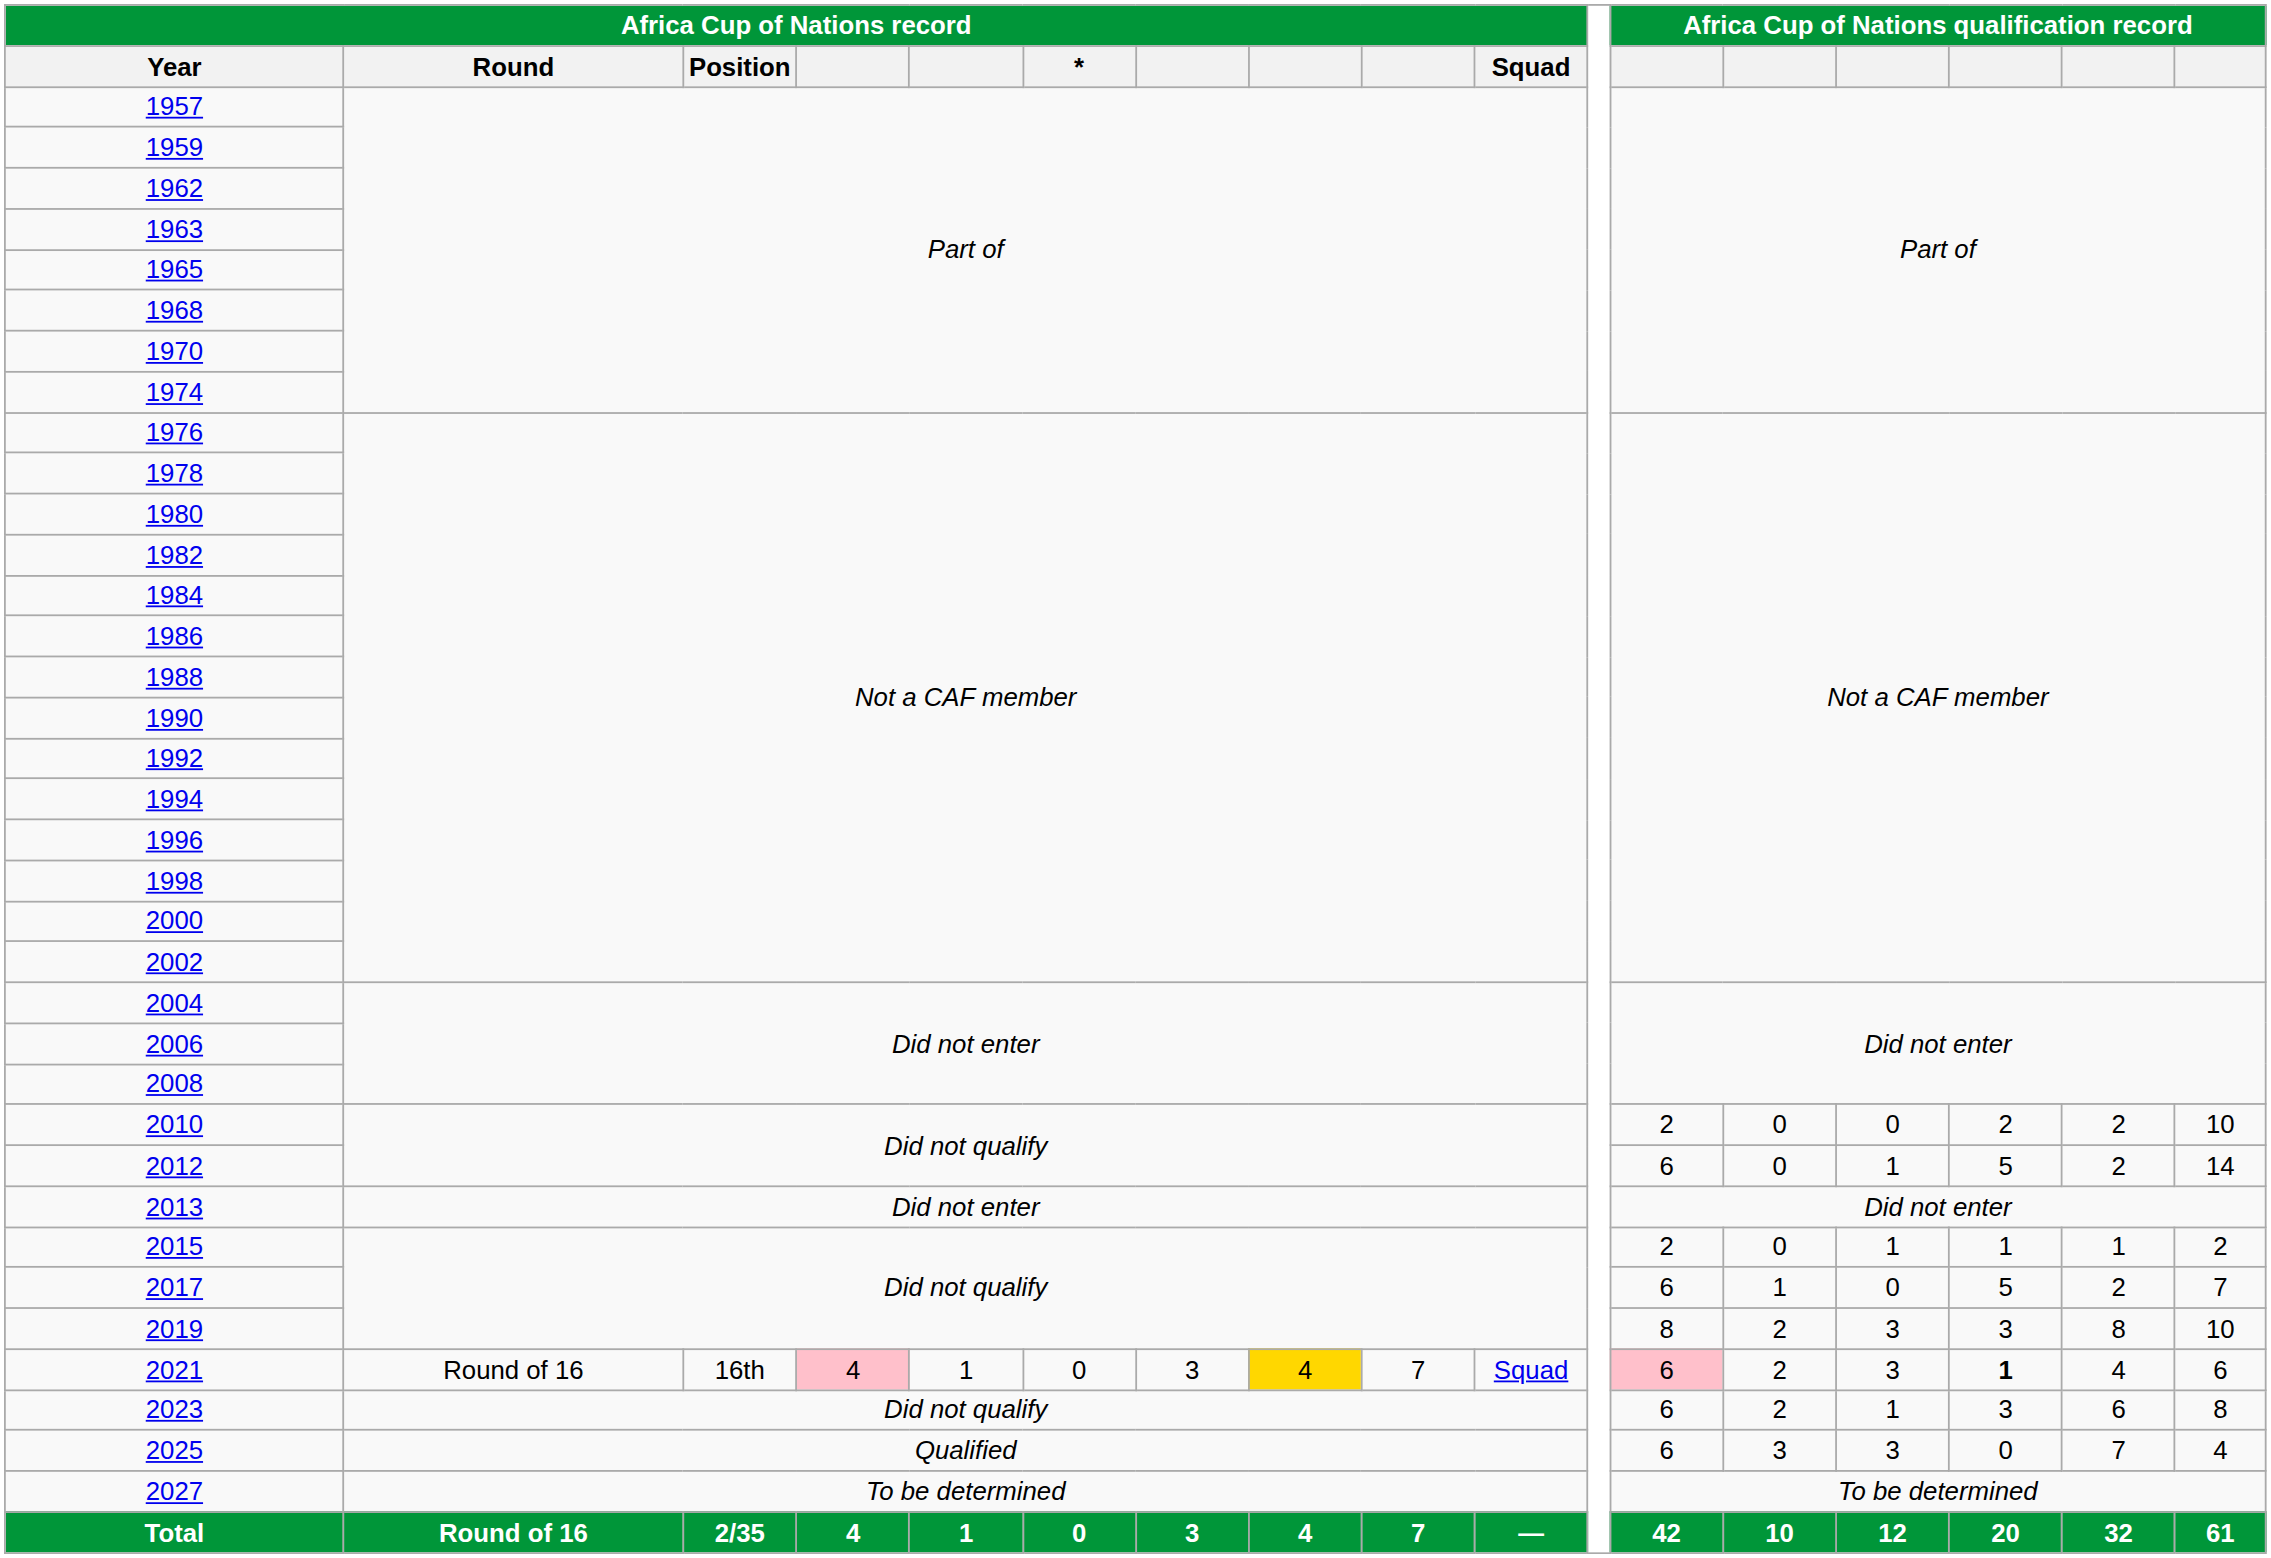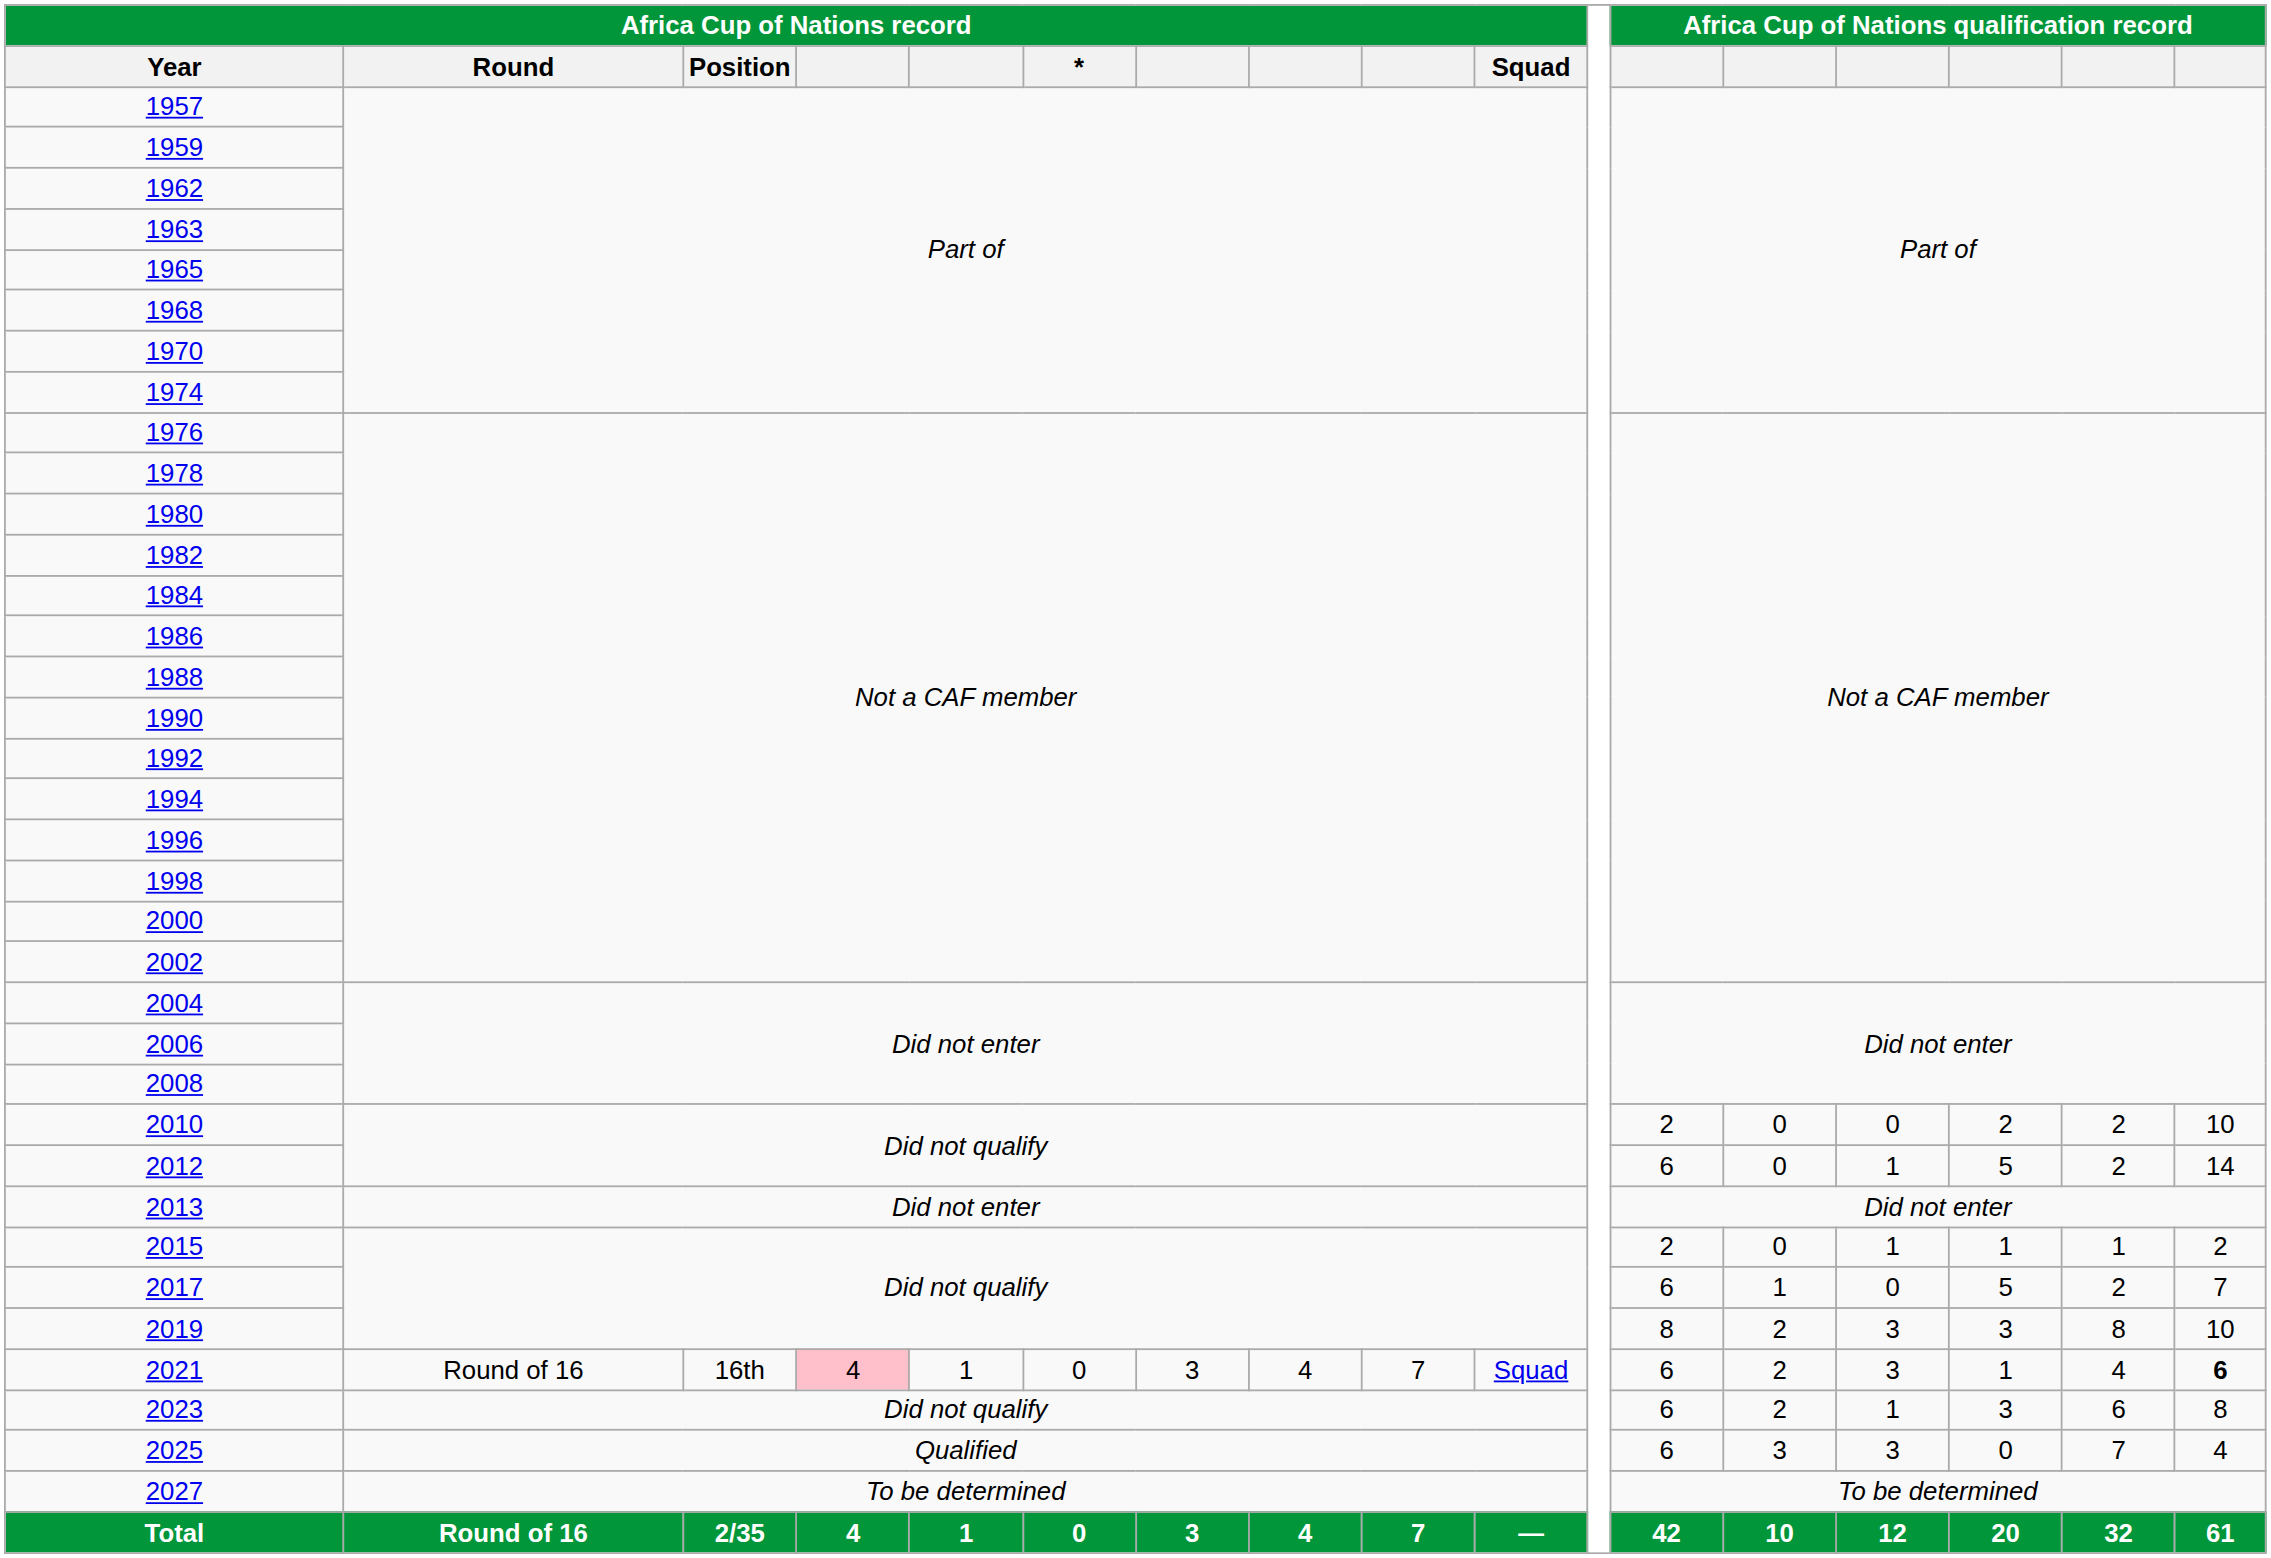 <table class="wikitable" class="wikitable" style="font-size:90%; text-align:center; width:100%">
 <tr>
 <th ! colspan="10" style="background:#009639; color:white; ">Africa Cup of Nations record</th>
 <th style="width:1%;background:white" rowspan="38"></th>
 <th colspan="7" style="background:#009639; color:white; ">Africa Cup of Nations qualification record</th>
 </tr>
 <tr>
 <th width="15%">Year</th>
 <th width="15%">Round</th>
 <th width="5%">Position</th>
 <th width="5%"></th>
 <th width="5%"></th>
 <th width="5%">*</th>
 <th width="5%"></th>
 <th width="5%"></th>
 <th width="5%"></th>
 <th width="5%">Squad</th>
 <th width="5%"></th>
 <th width="5%"></th>
 <th width="5%"></th>
 <th width="5%"></th>
 <th width="5%"></th>
 <th width="5%"></th>
 </tr>
 <tr>
 <td> <a href='#'>1957</a></td>
 <td colspan=9 rowspan=8><em>Part of </em></td>
 <td colspan=6 rowspan=8><em>Part of </em></td>
 </tr>
 <tr>
 <td> <a href='#'>1959</a></td>
 </tr>
 <tr>
 <td> <a href='#'>1962</a></td>
 </tr>
 <tr>
 <td> <a href='#'>1963</a></td>
 </tr>
 <tr>
 <td> <a href='#'>1965</a></td>
 </tr>
 <tr>
 <td> <a href='#'>1968</a></td>
 </tr>
 <tr>
 <td> <a href='#'>1970</a></td>
 </tr>
 <tr>
 <td> <a href='#'>1974</a></td>
 </tr>
 <tr>
 <td> <a href='#'>1976</a></td>
 <td rowspan=14 colspan=9><em>Not a CAF member</em></td>
 <td rowspan=14 colspan=6><em>Not a CAF member</em></td>
 </tr>
 <tr>
 <td> <a href='#'>1978</a></td>
 </tr>
 <tr>
 <td> <a href='#'>1980</a></td>
 </tr>
 <tr>
 <td> <a href='#'>1982</a></td>
 </tr>
 <tr>
 <td> <a href='#'>1984</a></td>
 </tr>
 <tr>
 <td> <a href='#'>1986</a></td>
 </tr>
 <tr>
 <td> <a href='#'>1988</a></td>
 </tr>
 <tr>
 <td> <a href='#'>1990</a></td>
 </tr>
 <tr>
 <td> <a href='#'>1992</a></td>
 </tr>
 <tr>
 <td> <a href='#'>1994</a></td>
 </tr>
 <tr>
 <td> <a href='#'>1996</a></td>
 </tr>
 <tr>
 <td> <a href='#'>1998</a></td>
 </tr>
 <tr>
 <td>  <a href='#'>2000</a></td>
 </tr>
 <tr>
 <td> <a href='#'>2002</a></td>
 </tr>
 <tr>
 <td> <a href='#'>2004</a></td>
 <td colspan=9 rowspan=3><em>Did not enter</em></td>
 <td colspan=6 rowspan=3><em>Did not enter</em></td>
 </tr>
 <tr>
 <td> <a href='#'>2006</a></td>
 </tr>
 <tr>
 <td> <a href='#'>2008</a></td>
 </tr>
 <tr>
 <td> <a href='#'>2010</a></td>
 <td colspan=9 rowspan=2><em>Did not qualify</em></td>
 <td>2</td>
 <td>0</td>
 <td>0</td>
 <td>2</td>
 <td>2</td>
 <td>10</td>
 </tr>
 <tr>
 <td>  <a href='#'>2012</a></td>
 <td>6</td>
 <td>0</td>
 <td>1</td>
 <td>5</td>
 <td>2</td>
 <td>14</td>
 </tr>
 <tr>
 <td> <a href='#'>2013</a></td>
 <td colspan=9><em>Did not enter</em></td>
 <td colspan=6><em>Did not enter</em></td>
 </tr>
 <tr>
 <td> <a href='#'>2015</a></td>
 <td colspan=9 rowspan=3><em>Did not qualify</em></td>
 <td>2</td>
 <td>0</td>
 <td>1</td>
 <td>1</td>
 <td>1</td>
 <td>2</td>
 </tr>
 <tr>
 <td> <a href='#'>2017</a></td>
 <td>6</td>
 <td>1</td>
 <td>0</td>
 <td>5</td>
 <td>2</td>
 <td>7</td>
 </tr>
 <tr>
 <td> <a href='#'>2019</a></td>
 <td>8</td>
 <td>2</td>
 <td>3</td>
 <td>3</td>
 <td>8</td>
 <td>10</td>
 </tr>
 <tr>
 <td> <a href='#'>2021</a></td>
 <td>Round of 16</td>
 <td>16th</td>
 <td style="background: pink;">4</td>
 <td>1</td>
 <td>0</td>
 <td>3</td>
-<td style="background: gold;">4</td>
+<td>4</td>
 <td>7</td>
 <td><a href='#'>Squad</a></td>
-<td style="background: pink;">6</td>
+<td>6</td>
 <td>2</td>
 <td>3</td>
-<td><strong>1</strong></td>
+<td>1</td>
 <td>4</td>
-<td>6</td>
+<td><strong>6</strong></td>
 </tr>
 <tr>
 <td> <a href='#'>2023</a></td>
 <td colspan="9"><em>Did not qualify</em></td>
 <td>6</td>
 <td>2</td>
 <td>1</td>
 <td>3</td>
 <td>6</td>
 <td>8</td>
 </tr>
 <tr>
 <td> <a href='#'>2025</a></td>
 <td colspan="9"><em>Qualified</em></td>
 <td>6</td>
 <td>3</td>
 <td>3</td>
 <td>0</td>
 <td>7</td>
 <td>4</td>
 </tr>
 <tr>
 <td>   <a href='#'>2027</a></td>
 <td colspan="9"><em>To be determined</em></td>
 <td colspan="6"><em>To be determined</em></td>
 </tr>
 <tr>
 <th style="background:#009639; color:white; ">Total</th>
 <th style="background:#009639; color:white; ">Round of 16</th>
 <th style="background:#009639; color:white; ">2/35</th>
 <th style="background:#009639; color:white; ">4</th>
 <th style="background:#009639; color:white; ">1</th>
 <th style="background:#009639; color:white; ">0</th>
 <th style="background:#009639; color:white; ">3</th>
 <th style="background:#009639; color:white; ">4</th>
 <th style="background:#009639; color:white; ">7</th>
 <th style="background:#009639; color:white; ">—</th>
 <th style="background:#009639; color:white; ">42</th>
 <th style="background:#009639; color:white; ">10</th>
 <th style="background:#009639; color:white; ">12</th>
 <th style="background:#009639; color:white; ">20</th>
 <th style="background:#009639; color:white; ">32</th>
 <th style="background:#009639; color:white; ">61</th>
 </tr>
 </table>
